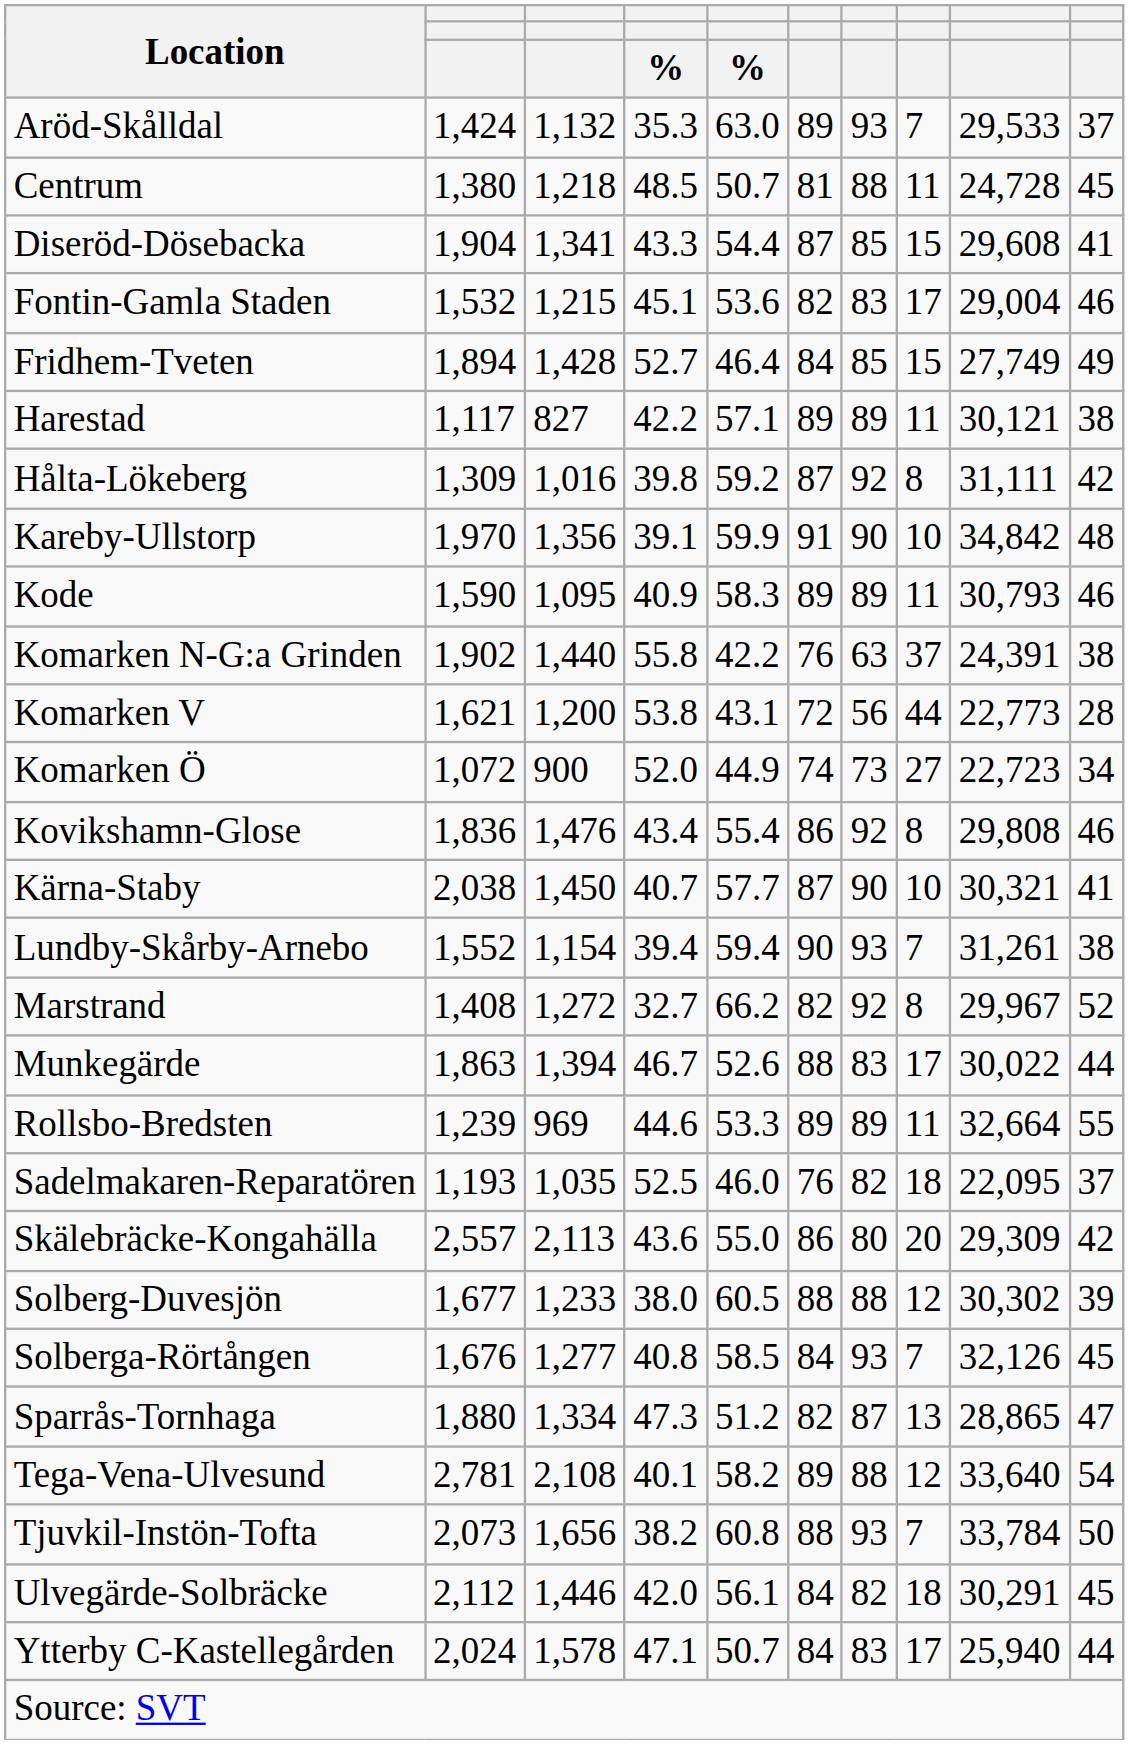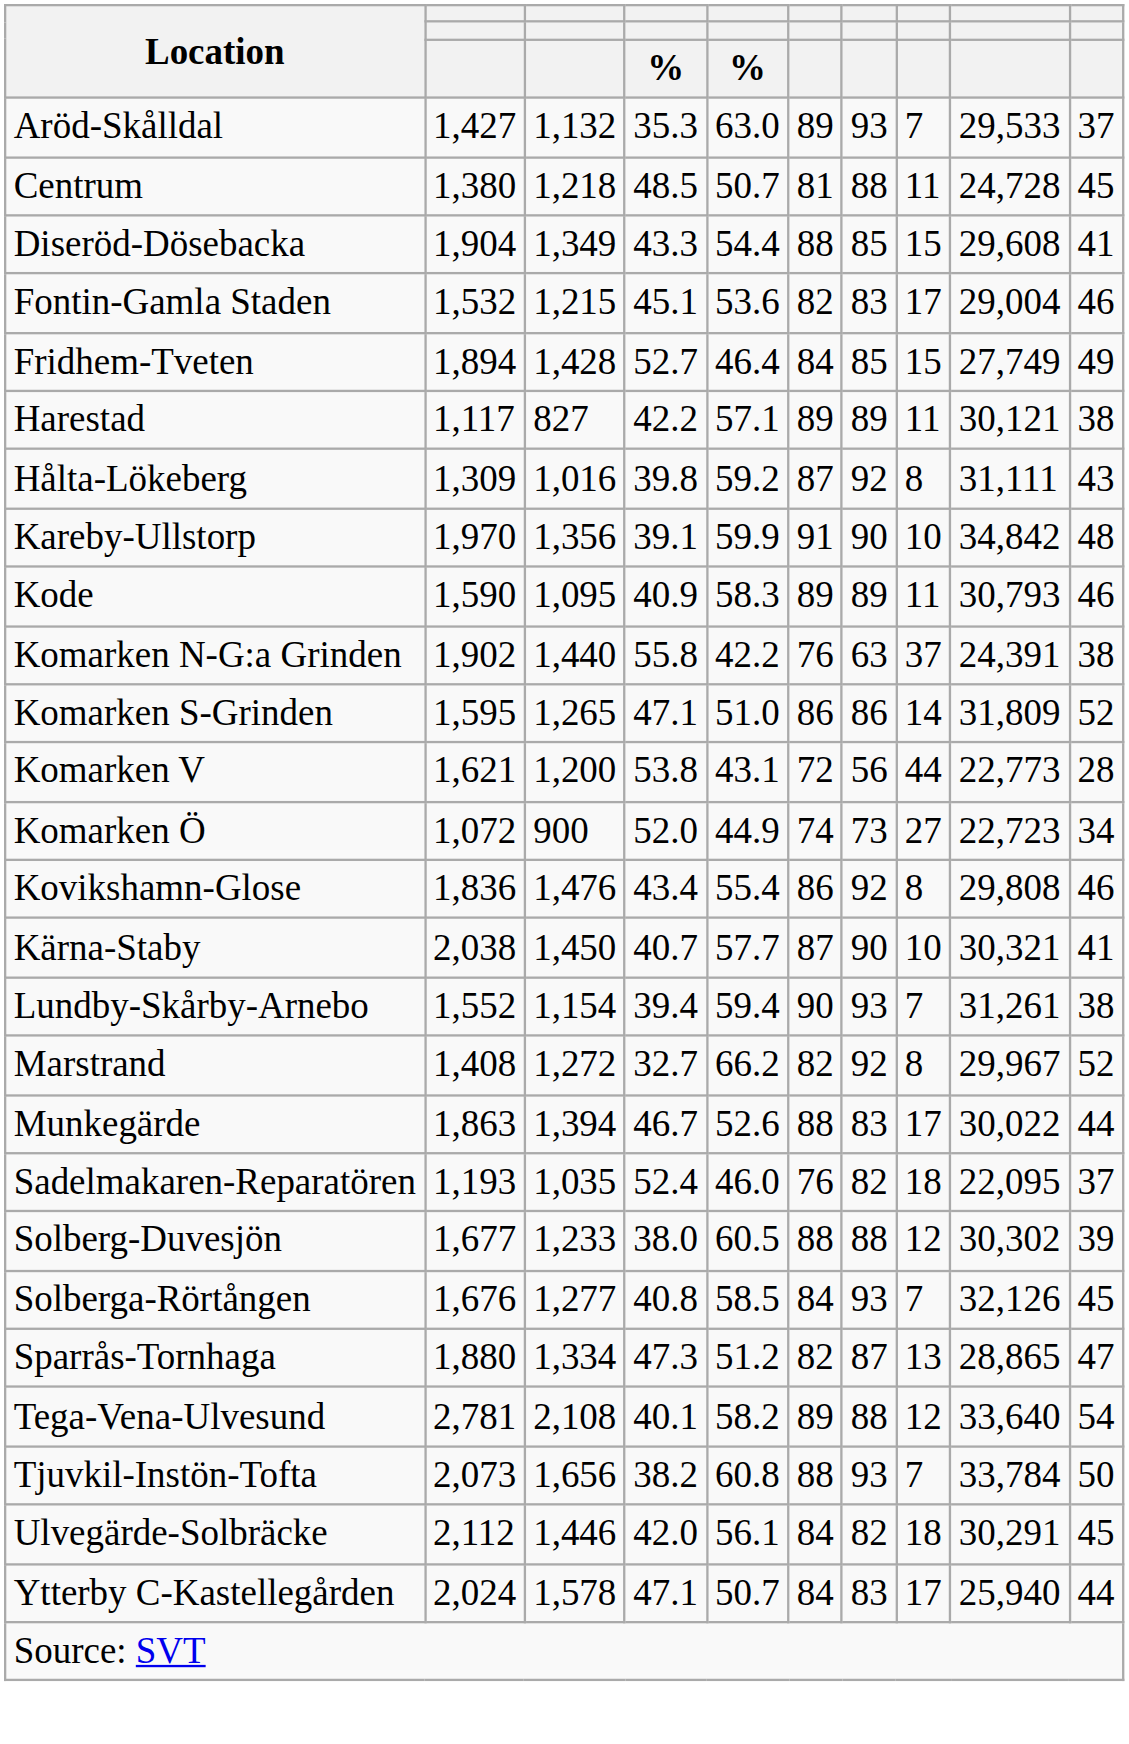 <table class="wikitable sortable" role="presentation">
 <tr>
 <th rowspan="3">Location</th>
 <th></th>
 <th></th>
 <th></th>
 <th></th>
 <th></th>
 <th></th>
 <th></th>
 <th></th>
 <th></th>
 </tr>
 <tr>
 <th></th>
 <th></th>
 <th style="background:"></th>
 <th style="background:"></th>
 <th></th>
 <th></th>
 <th></th>
 <th></th>
 <th></th>
 </tr>
 <tr>
 <th data-sort-type="number"></th>
 <th data-sort-type="number"></th>
 <th data-sort-type="number">%</th>
 <th data-sort-type="number">%</th>
 <th data-sort-type="number"></th>
 <th data-sort-type="number"></th>
 <th data-sort-type="number"></th>
 <th data-sort-type="number"></th>
 <th data-sort-type="number"></th>
 </tr>
 <tr>
 <td align="left">Aröd-Skålldal</td>
-<td>1,424</td>
+<td>1,427</td>
 <td>1,132</td>
 <td>35.3</td>
 <td>63.0</td>
 <td>89</td>
 <td>93</td>
 <td>7</td>
 <td>29,533</td>
 <td>37</td>
 </tr>
 <tr>
 <td align="left">Centrum</td>
 <td>1,380</td>
 <td>1,218</td>
 <td>48.5</td>
 <td>50.7</td>
 <td>81</td>
 <td>88</td>
 <td>11</td>
 <td>24,728</td>
 <td>45</td>
 </tr>
 <tr>
 <td align="left">Diseröd-Dösebacka</td>
 <td>1,904</td>
-<td>1,341</td>
+<td>1,349</td>
 <td>43.3</td>
 <td>54.4</td>
-<td>87</td>
+<td>88</td>
 <td>85</td>
 <td>15</td>
 <td>29,608</td>
 <td>41</td>
 </tr>
 <tr>
 <td align="left">Fontin-Gamla Staden</td>
 <td>1,532</td>
 <td>1,215</td>
 <td>45.1</td>
 <td>53.6</td>
 <td>82</td>
 <td>83</td>
 <td>17</td>
 <td>29,004</td>
 <td>46</td>
 </tr>
 <tr>
 <td align="left">Fridhem-Tveten</td>
 <td>1,894</td>
 <td>1,428</td>
 <td>52.7</td>
 <td>46.4</td>
 <td>84</td>
 <td>85</td>
 <td>15</td>
 <td>27,749</td>
 <td>49</td>
 </tr>
 <tr>
 <td align="left">Harestad</td>
 <td>1,117</td>
 <td>827</td>
 <td>42.2</td>
 <td>57.1</td>
 <td>89</td>
 <td>89</td>
 <td>11</td>
 <td>30,121</td>
 <td>38</td>
 </tr>
 <tr>
 <td align="left">Hålta-Lökeberg</td>
 <td>1,309</td>
 <td>1,016</td>
 <td>39.8</td>
 <td>59.2</td>
 <td>87</td>
 <td>92</td>
 <td>8</td>
 <td>31,111</td>
-<td>42</td>
+<td>43</td>
 </tr>
 <tr>
 <td align="left">Kareby-Ullstorp</td>
 <td>1,970</td>
 <td>1,356</td>
 <td>39.1</td>
 <td>59.9</td>
 <td>91</td>
 <td>90</td>
 <td>10</td>
 <td>34,842</td>
 <td>48</td>
 </tr>
 <tr>
 <td align="left">Kode</td>
 <td>1,590</td>
 <td>1,095</td>
 <td>40.9</td>
 <td>58.3</td>
 <td>89</td>
 <td>89</td>
 <td>11</td>
 <td>30,793</td>
 <td>46</td>
 </tr>
 <tr>
 <td align="left">Komarken N-G:a Grinden</td>
 <td>1,902</td>
 <td>1,440</td>
 <td>55.8</td>
 <td>42.2</td>
 <td>76</td>
 <td>63</td>
 <td>37</td>
 <td>24,391</td>
 <td>38</td>
+</tr>
+<tr>
+<td align="left">Komarken S-Grinden</td>
+<td>1,595</td>
+<td>1,265</td>
+<td>47.1</td>
+<td>51.0</td>
+<td>86</td>
+<td>86</td>
+<td>14</td>
+<td>31,809</td>
+<td>52</td>
 </tr>
 <tr>
 <td align="left">Komarken V</td>
 <td>1,621</td>
 <td>1,200</td>
 <td>53.8</td>
 <td>43.1</td>
 <td>72</td>
 <td>56</td>
 <td>44</td>
 <td>22,773</td>
 <td>28</td>
 </tr>
 <tr>
 <td align="left">Komarken Ö</td>
 <td>1,072</td>
 <td>900</td>
 <td>52.0</td>
 <td>44.9</td>
 <td>74</td>
 <td>73</td>
 <td>27</td>
 <td>22,723</td>
 <td>34</td>
 </tr>
 <tr>
 <td align="left">Kovikshamn-Glose</td>
 <td>1,836</td>
 <td>1,476</td>
 <td>43.4</td>
 <td>55.4</td>
 <td>86</td>
 <td>92</td>
 <td>8</td>
 <td>29,808</td>
 <td>46</td>
 </tr>
 <tr>
 <td align="left">Kärna-Staby</td>
 <td>2,038</td>
 <td>1,450</td>
 <td>40.7</td>
 <td>57.7</td>
 <td>87</td>
 <td>90</td>
 <td>10</td>
 <td>30,321</td>
 <td>41</td>
 </tr>
 <tr>
 <td align="left">Lundby-Skårby-Arnebo</td>
 <td>1,552</td>
 <td>1,154</td>
 <td>39.4</td>
 <td>59.4</td>
 <td>90</td>
 <td>93</td>
 <td>7</td>
 <td>31,261</td>
 <td>38</td>
 </tr>
 <tr>
 <td align="left">Marstrand</td>
 <td>1,408</td>
 <td>1,272</td>
 <td>32.7</td>
 <td>66.2</td>
 <td>82</td>
 <td>92</td>
 <td>8</td>
 <td>29,967</td>
 <td>52</td>
 </tr>
 <tr>
 <td align="left">Munkegärde</td>
 <td>1,863</td>
 <td>1,394</td>
 <td>46.7</td>
 <td>52.6</td>
 <td>88</td>
 <td>83</td>
 <td>17</td>
 <td>30,022</td>
 <td>44</td>
 </tr>
 <tr>
-<td align="left">Rollsbo-Bredsten</td>
-<td>1,239</td>
-<td>969</td>
-<td>44.6</td>
-<td>53.3</td>
-<td>89</td>
-<td>89</td>
-<td>11</td>
-<td>32,664</td>
-<td>55</td>
-</tr>
-<tr>
 <td align="left">Sadelmakaren-Reparatören</td>
 <td>1,193</td>
 <td>1,035</td>
-<td>52.5</td>
+<td>52.4</td>
 <td>46.0</td>
 <td>76</td>
 <td>82</td>
 <td>18</td>
 <td>22,095</td>
 <td>37</td>
-</tr>
-<tr>
-<td align="left">Skälebräcke-Kongahälla</td>
-<td>2,557</td>
-<td>2,113</td>
-<td>43.6</td>
-<td>55.0</td>
-<td>86</td>
-<td>80</td>
-<td>20</td>
-<td>29,309</td>
-<td>42</td>
 </tr>
 <tr>
 <td align="left">Solberg-Duvesjön</td>
 <td>1,677</td>
 <td>1,233</td>
 <td>38.0</td>
 <td>60.5</td>
 <td>88</td>
 <td>88</td>
 <td>12</td>
 <td>30,302</td>
 <td>39</td>
 </tr>
 <tr>
 <td align="left">Solberga-Rörtången</td>
 <td>1,676</td>
 <td>1,277</td>
 <td>40.8</td>
 <td>58.5</td>
 <td>84</td>
 <td>93</td>
 <td>7</td>
 <td>32,126</td>
 <td>45</td>
 </tr>
 <tr>
 <td align="left">Sparrås-Tornhaga</td>
 <td>1,880</td>
 <td>1,334</td>
 <td>47.3</td>
 <td>51.2</td>
 <td>82</td>
 <td>87</td>
 <td>13</td>
 <td>28,865</td>
 <td>47</td>
 </tr>
 <tr>
 <td align="left">Tega-Vena-Ulvesund</td>
 <td>2,781</td>
 <td>2,108</td>
 <td>40.1</td>
 <td>58.2</td>
 <td>89</td>
 <td>88</td>
 <td>12</td>
 <td>33,640</td>
 <td>54</td>
 </tr>
 <tr>
 <td align="left">Tjuvkil-Instön-Tofta</td>
 <td>2,073</td>
 <td>1,656</td>
 <td>38.2</td>
 <td>60.8</td>
 <td>88</td>
 <td>93</td>
 <td>7</td>
 <td>33,784</td>
 <td>50</td>
 </tr>
 <tr>
 <td align="left">Ulvegärde-Solbräcke</td>
 <td>2,112</td>
 <td>1,446</td>
 <td>42.0</td>
 <td>56.1</td>
 <td>84</td>
 <td>82</td>
 <td>18</td>
 <td>30,291</td>
 <td>45</td>
 </tr>
 <tr>
 <td align="left">Ytterby C-Kastellegården</td>
 <td>2,024</td>
 <td>1,578</td>
 <td>47.1</td>
 <td>50.7</td>
 <td>84</td>
 <td>83</td>
 <td>17</td>
 <td>25,940</td>
 <td>44</td>
 </tr>
 <tr>
 <td colspan="10" align="left">Source: <a href='#'>SVT</a></td>
 </tr>
 </table>
